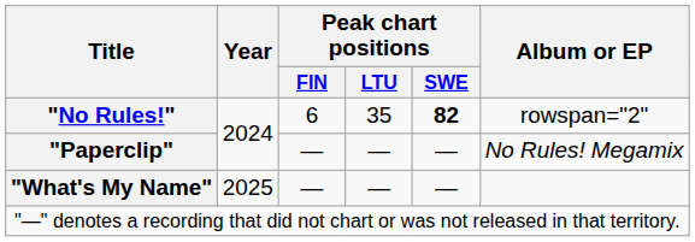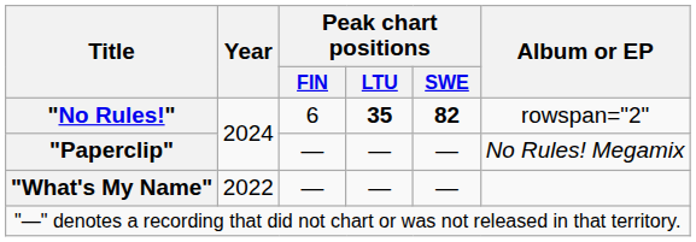 <table class="wikitable plainrowheaders" style="text-align:center;">
 <tr>
 <th scope="col" rowspan="2">Title</th>
 <th scope="col" rowspan="2">Year</th>
 <th scope="col" colspan="3">Peak chart positions</th>
 <th scope="col" rowspan="2">Album or EP</th>
 </tr>
 <tr>
 <th scope="col" style="width:3em;font-size:85%;"><a href='#'>FIN</a><br></th>
 <th scope="col" style="width:3em;font-size:85%;"><a href='#'>LTU</a><br></th>
 <th scope="col" style="width:3em;font-size:85%;"><a href='#'>SWE</a><br></th>
 </tr>
 <tr>
 <th scope="row">"<a href='#'>No Rules!</a>"</th>
 <td rowspan="2">2024</td>
 <td>6</td>
-<td>35</td>
+<td><strong>35</strong></td>
 <td><strong>82</strong></td>
 <td>rowspan="2" </td>
 </tr>
 <tr>
 <th scope="row">"Paperclip"</th>
 <td>—</td>
 <td>—</td>
 <td>—</td>
 <td><em>No Rules! Megamix</em></td>
 </tr>
 <tr>
 <th scope="row">"What's My Name"</th>
-<td>2025</td>
+<td>2022</td>
 <td>—</td>
 <td>—</td>
 <td>—</td>
 </tr>
 <tr>
 <td colspan="8" style="font-size:85%">"—" denotes a recording that did not chart or was not released in that territory.</td>
 </tr>
 </table>
